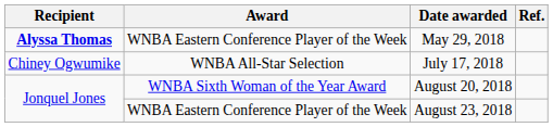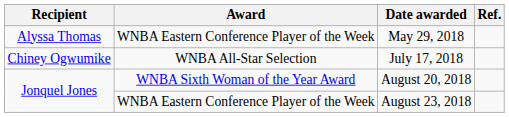 <table class="wikitable sortable sortable" style="text-align: center">
 <tr>
 <th>Recipient</th>
 <th>Award</th>
 <th>Date awarded</th>
 <th>Ref.</th>
 </tr>
 <tr>
-<td><strong><a href='#'>Alyssa Thomas</a></strong></td>
+<td><a href='#'>Alyssa Thomas</a></td>
 <td>WNBA Eastern Conference Player of the Week</td>
 <td>May 29, 2018</td>
 <td></td>
 </tr>
 <tr>
 <td><a href='#'>Chiney Ogwumike</a></td>
 <td>WNBA All-Star Selection</td>
 <td>July 17, 2018</td>
 <td></td>
 </tr>
 <tr>
 <td rowspan=2><a href='#'>Jonquel Jones</a></td>
 <td><a href='#'>WNBA Sixth Woman of the Year Award</a></td>
 <td>August 20, 2018</td>
 <td></td>
 </tr>
 <tr>
 <td>WNBA Eastern Conference Player of the Week</td>
 <td>August 23, 2018</td>
 <td></td>
 </tr>
 </table>
